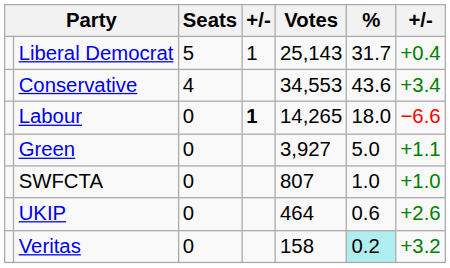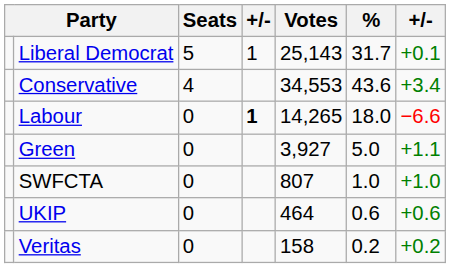 <table class="wikitable">
 <tr>
 <th colspan="2">Party</th>
 <th>Seats</th>
 <th>+/-</th>
 <th>Votes</th>
 <th>%</th>
 <th>+/-</th>
 </tr>
 <tr>
 <td style="background-color: "></td>
 <td><a href='#'>Liberal Democrat</a></td>
 <td>5</td>
 <td> 1</td>
 <td>25,143</td>
 <td>31.7</td>
-<td style="color:green">+0.4</td>
+<td style="color:green">+0.1</td>
 </tr>
 <tr>
 <td style="background-color: "></td>
 <td><a href='#'>Conservative</a></td>
 <td>4</td>
 <td></td>
 <td>34,553</td>
 <td>43.6</td>
 <td style="color:green">+3.4</td>
 </tr>
 <tr>
 <td style="background-color: "></td>
 <td><a href='#'>Labour</a></td>
 <td>0</td>
 <td><strong> 1</strong></td>
 <td>14,265</td>
 <td>18.0</td>
 <td style="color:red">−6.6</td>
 </tr>
 <tr>
 <td style="background-color: "></td>
 <td><a href='#'>Green</a></td>
 <td>0</td>
 <td></td>
 <td>3,927</td>
 <td>5.0</td>
 <td style="color:green">+1.1</td>
 </tr>
 <tr>
 <td style="background-color: "></td>
 <td>SWFCTA</td>
 <td>0</td>
 <td></td>
 <td>807</td>
 <td>1.0</td>
 <td style="color:green">+1.0</td>
 </tr>
 <tr>
 <td style="background-color: "></td>
 <td><a href='#'>UKIP</a></td>
 <td>0</td>
 <td></td>
 <td>464</td>
 <td>0.6</td>
-<td style="color:green">+2.6</td>
+<td style="color:green">+0.6</td>
 </tr>
 <tr>
 <td style="background-color: "></td>
 <td><a href='#'>Veritas</a></td>
 <td>0</td>
 <td></td>
 <td>158</td>
-<td style="background: paleturquoise;">0.2</td>
-<td style="color:green">+3.2</td>
+<td>0.2</td>
+<td style="color:green">+0.2</td>
 </tr>
 </table>
